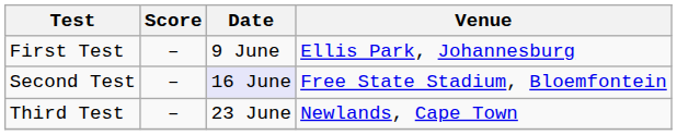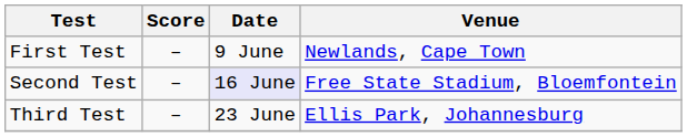 <table class="wikitable">
 <tr>
 <th>Test</th>
 <th>Score</th>
 <th>Date</th>
 <th>Venue</th>
 </tr>
 <tr>
 <td>First Test</td>
 <td align=center>–</td>
 <td>9 June</td>
-<td><a href='#'>Ellis Park</a>, <a href='#'>Johannesburg</a></td>
+<td><a href='#'>Newlands</a>, <a href='#'>Cape Town</a></td>
 </tr>
 <tr>
 <td>Second Test</td>
 <td align=center>–</td>
 <td style="background: lavender;">16 June</td>
 <td><a href='#'>Free State Stadium</a>, <a href='#'>Bloemfontein</a></td>
 </tr>
 <tr>
 <td>Third Test</td>
 <td align=center>–</td>
 <td>23 June</td>
-<td><a href='#'>Newlands</a>, <a href='#'>Cape Town</a></td>
+<td><a href='#'>Ellis Park</a>, <a href='#'>Johannesburg</a></td>
 </tr>
 <tr>
 </tr>
 </table>
